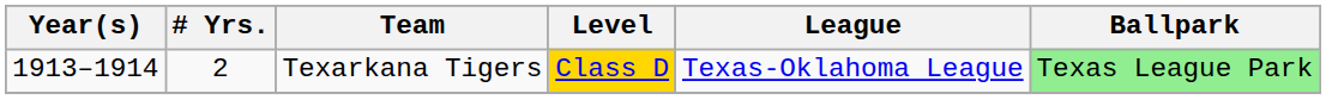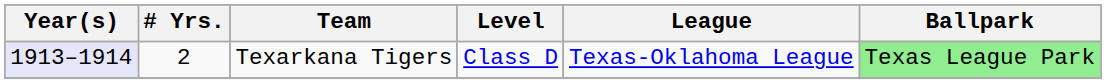 <table class="wikitable" style="text-align:center; font-size: 95%;">
 <tr>
 <th>Year(s)</th>
 <th># Yrs.</th>
 <th>Team</th>
 <th>Level</th>
 <th>League</th>
 <th>Ballpark</th>
 </tr>
 <tr>
-<td>1913–1914</td>
+<td style="background: lavender;">1913–1914</td>
 <td>2</td>
 <td>Texarkana Tigers</td>
-<td style="background: gold;"><a href='#'>Class D</a></td>
+<td><a href='#'>Class D</a></td>
 <td><a href='#'>Texas-Oklahoma League</a></td>
 <td style="background: lightgreen;">Texas League Park</td>
 </tr>
 <tr>
 </tr>
 </table>
